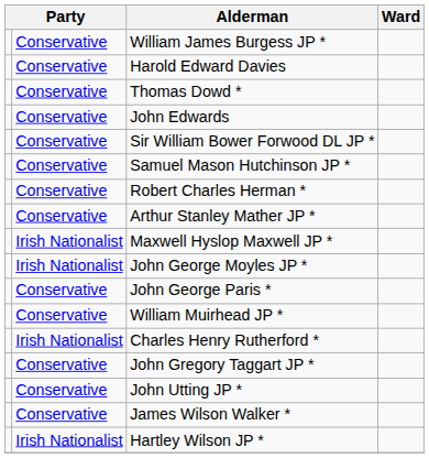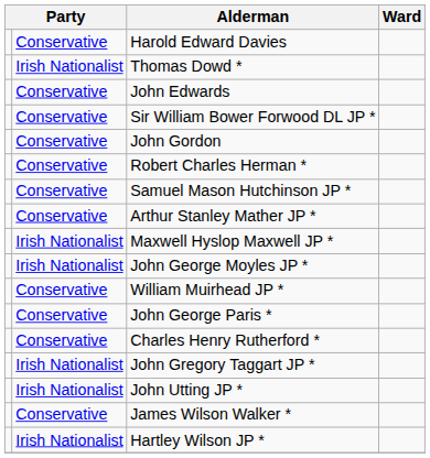 <table class="wikitable">
 <tr>
 <th colspan="2">Party</th>
 <th>Alderman</th>
 <th>Ward</th>
 </tr>
 <tr>
 <td style="background-color:"></td>
 <td><a href='#'>Conservative</a></td>
-<td>William James Burgess JP *</td>
-<td></td>
-</tr>
-<tr>
-<td style="background-color:"></td>
-<td><a href='#'>Conservative</a></td>
 <td>Harold Edward Davies</td>
 <td></td>
 </tr>
 <tr>
 <td style="background-color:"></td>
-<td><a href='#'>Conservative</a></td>
+<td><a href='#'>Irish Nationalist</a></td>
 <td>Thomas Dowd *</td>
 <td></td>
 </tr>
 <tr>
 <td style="background-color:"></td>
 <td><a href='#'>Conservative</a></td>
 <td>John Edwards</td>
 <td></td>
 </tr>
 <tr>
 <td style="background-color:"></td>
 <td><a href='#'>Conservative</a></td>
 <td>Sir William Bower Forwood DL JP *</td>
 <td></td>
 </tr>
 <tr>
 <td style="background-color:"></td>
 <td><a href='#'>Conservative</a></td>
-<td>Samuel Mason Hutchinson JP *</td>
+<td>John Gordon</td>
 <td></td>
 </tr>
 <tr>
 <td style="background-color:"></td>
 <td><a href='#'>Conservative</a></td>
 <td>Robert Charles Herman *</td>
+<td></td>
+</tr>
+<tr>
+<td style="background-color:"></td>
+<td><a href='#'>Conservative</a></td>
+<td>Samuel Mason Hutchinson JP *</td>
 <td></td>
 </tr>
 <tr>
 <td style="background-color:"></td>
 <td><a href='#'>Conservative</a></td>
 <td>Arthur Stanley Mather JP *</td>
 <td></td>
 </tr>
 <tr>
 <td style="background-color:"></td>
 <td><a href='#'>Irish Nationalist</a></td>
 <td>Maxwell Hyslop Maxwell JP *</td>
 <td></td>
 </tr>
 <tr>
 <td style="background-color:"></td>
 <td><a href='#'>Irish Nationalist</a></td>
 <td>John George Moyles JP *</td>
 <td></td>
 </tr>
 <tr>
 <td style="background-color:"></td>
 <td><a href='#'>Conservative</a></td>
+<td>William Muirhead JP *</td>
+<td></td>
+</tr>
+<tr>
+<td style="background-color:"></td>
+<td><a href='#'>Conservative</a></td>
 <td>John George Paris *</td>
 <td></td>
 </tr>
 <tr>
 <td style="background-color:"></td>
 <td><a href='#'>Conservative</a></td>
-<td>William Muirhead JP *</td>
+<td>Charles Henry Rutherford *</td>
 <td></td>
 </tr>
 <tr>
 <td style="background-color:"></td>
 <td><a href='#'>Irish Nationalist</a></td>
-<td>Charles Henry Rutherford *</td>
-<td></td>
-</tr>
-<tr>
-<td style="background-color:"></td>
-<td><a href='#'>Conservative</a></td>
 <td>John Gregory Taggart JP *</td>
 <td></td>
 </tr>
 <tr>
 <td style="background-color:"></td>
-<td><a href='#'>Conservative</a></td>
+<td><a href='#'>Irish Nationalist</a></td>
 <td>John Utting JP *</td>
 <td></td>
 </tr>
 <tr>
 <td style="background-color:"></td>
 <td><a href='#'>Conservative</a></td>
 <td>James Wilson Walker *</td>
 <td></td>
 </tr>
 <tr>
 <td style="background-color:"></td>
 <td><a href='#'>Irish Nationalist</a></td>
 <td>Hartley Wilson JP *</td>
 <td></td>
 </tr>
 <tr>
 </tr>
 </table>
